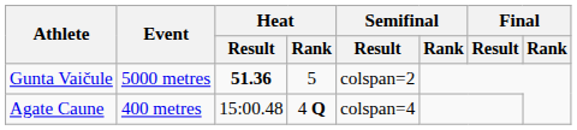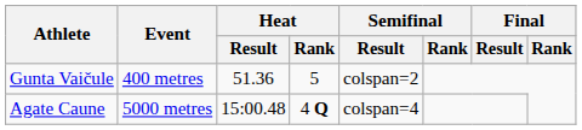 <table class="wikitable" style="font-size:90%">
 <tr>
 <th rowspan="2">Athlete</th>
 <th rowspan="2">Event</th>
 <th colspan="2">Heat</th>
 <th colspan="2">Semifinal</th>
 <th colspan="2">Final</th>
 </tr>
 <tr style="font-size:95%">
 <th>Result</th>
 <th>Rank</th>
 <th>Result</th>
 <th>Rank</th>
 <th>Result</th>
 <th>Rank</th>
 </tr>
 <tr align=center>
 <td align=left><a href='#'>Gunta Vaičule</a></td>
-<td align=left><a href='#'>5000 metres</a></td>
-<td><strong>51.36 </strong></td>
+<td align=left><a href='#'>400 metres</a></td>
+<td>51.36 </td>
 <td>5</td>
 <td>colspan=2</td>
 </tr>
 <tr align=center>
 <td align=left><a href='#'>Agate Caune</a></td>
-<td align=left><a href='#'>400 metres</a></td>
+<td align=left><a href='#'>5000 metres</a></td>
 <td>15:00.48 </td>
 <td>4 <strong>Q</strong></td>
 <td>colspan=4 </td>
 <td colspan=2></td>
 </tr>
 </table>
